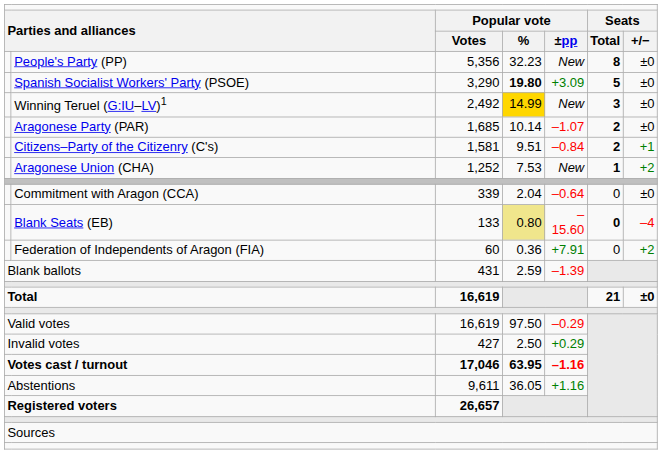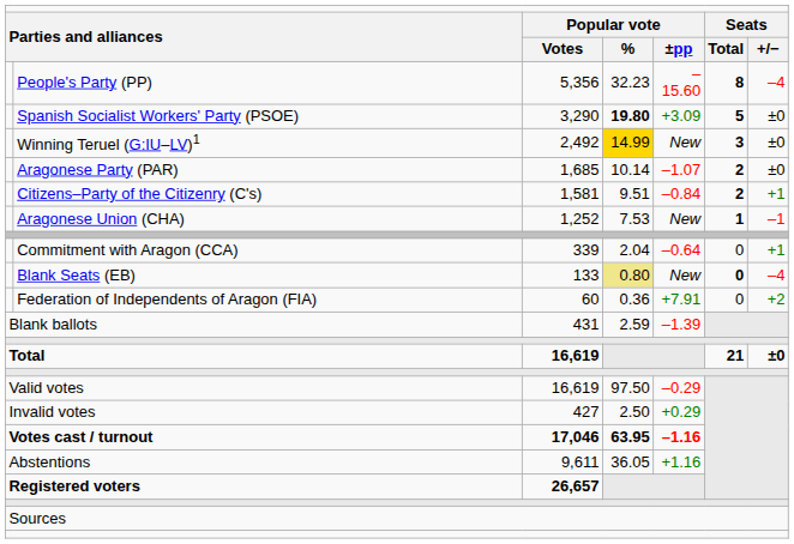 <table class="wikitable" style="text-align:right;">
 <tr>
 <td colspan="7"></td>
 </tr>
 <tr>
 <th style="text-align:left;" rowspan="2" colspan="2" width="525">Parties and alliances</th>
 <th colspan="3">Popular vote</th>
 <th colspan="2">Seats</th>
 </tr>
 <tr>
 <th width="75">Votes</th>
 <th width="45">%</th>
 <th width="45">±<a href='#'>pp</a></th>
 <th width="35">Total</th>
 <th width="35">+/−</th>
 </tr>
 <tr>
 <td width="1" style="color:inherit;background:"></td>
 <td align="left"><a href='#'>People's Party</a> (PP)</td>
 <td>5,356</td>
 <td>32.23</td>
-<td><em>New</em></td>
+<td style="color:red;">–15.60</td>
 <td><strong>8</strong></td>
-<td>±0</td>
+<td style="color:red;">–4</td>
 </tr>
 <tr>
 <td style="color:inherit;background:"></td>
 <td align="left"><a href='#'>Spanish Socialist Workers' Party</a> (PSOE)</td>
 <td>3,290</td>
 <td><strong>19.80</strong></td>
 <td style="color:green;">+3.09</td>
 <td><strong>5</strong></td>
 <td>±0</td>
 </tr>
 <tr>
 <td style="color:inherit;background:"></td>
 <td align="left">Winning Teruel (<a href='#'>G:IU</a>–<a href='#'>LV</a>)<sup>1</sup></td>
 <td>2,492</td>
 <td style="background: gold;">14.99</td>
 <td><em>New</em></td>
 <td><strong>3</strong></td>
 <td>±0</td>
 </tr>
 <tr>
 <td style="color:inherit;background:"></td>
 <td align="left"><a href='#'>Aragonese Party</a> (PAR)</td>
 <td>1,685</td>
 <td>10.14</td>
 <td style="color:red;">–1.07</td>
 <td><strong>2</strong></td>
 <td>±0</td>
 </tr>
 <tr>
 <td style="color:inherit;background:"></td>
 <td align="left"><a href='#'>Citizens–Party of the Citizenry</a> (C's)</td>
 <td>1,581</td>
 <td>9.51</td>
 <td style="color:red;">–0.84</td>
 <td><strong>2</strong></td>
 <td style="color:green;">+1</td>
 </tr>
 <tr>
 <td style="color:inherit;background:"></td>
 <td align="left"><a href='#'>Aragonese Union</a> (CHA)</td>
 <td>1,252</td>
 <td>7.53</td>
 <td><em>New</em></td>
 <td><strong>1</strong></td>
-<td style="color:green;">+2</td>
+<td style="color:red;">–1</td>
 </tr>
 <tr>
 <td colspan="7" bgcolor="#C0C0C0"></td>
 </tr>
 <tr>
 <td style="color:inherit;background:"></td>
 <td align="left">Commitment with Aragon (CCA)</td>
 <td>339</td>
 <td>2.04</td>
 <td style="color:red;">–0.64</td>
 <td>0</td>
-<td>±0</td>
+<td style="color:green;">+1</td>
 </tr>
 <tr>
 <td style="color:inherit;background:"></td>
 <td align="left"><a href='#'>Blank Seats</a> (EB)</td>
 <td>133</td>
 <td style="background: khaki;">0.80</td>
-<td style="color:red;">–15.60</td>
+<td><em>New</em></td>
 <td><strong>0</strong></td>
 <td style="color:red;">–4</td>
 </tr>
 <tr>
 <td style="color:inherit;background:"></td>
 <td align="left">Federation of Independents of Aragon (FIA)</td>
 <td>60</td>
 <td>0.36</td>
 <td style="color:green;">+7.91</td>
 <td>0</td>
 <td style="color:green;">+2</td>
 </tr>
 <tr>
 <td align="left" colspan="2">Blank ballots</td>
 <td>431</td>
 <td>2.59</td>
 <td style="color:red;">–1.39</td>
 <td bgcolor="#E9E9E9" colspan="2"></td>
 </tr>
 <tr>
 <td colspan="7" bgcolor="#E9E9E9"></td>
 </tr>
 <tr style="font-weight:bold;">
 <td align="left" colspan="2">Total</td>
 <td>16,619</td>
 <td bgcolor="#E9E9E9" colspan="2"></td>
 <td>21</td>
 <td>±0</td>
 </tr>
 <tr>
 <td colspan="7" bgcolor="#E9E9E9"></td>
 </tr>
 <tr>
 <td align="left" colspan="2">Valid votes</td>
 <td>16,619</td>
 <td>97.50</td>
 <td style="color:red;">–0.29</td>
 <td bgcolor="#E9E9E9" colspan="2" rowspan="5"></td>
 </tr>
 <tr>
 <td align="left" colspan="2">Invalid votes</td>
 <td>427</td>
 <td>2.50</td>
 <td style="color:green;">+0.29</td>
 </tr>
 <tr style="font-weight:bold;">
 <td align="left" colspan="2">Votes cast / turnout</td>
 <td>17,046</td>
 <td>63.95</td>
 <td style="color:red;">–1.16</td>
 </tr>
 <tr>
 <td align="left" colspan="2">Abstentions</td>
 <td>9,611</td>
 <td>36.05</td>
 <td style="color:green;">+1.16</td>
 </tr>
 <tr style="font-weight:bold;">
 <td align="left" colspan="2">Registered voters</td>
 <td>26,657</td>
 <td bgcolor="#E9E9E9" colspan="2"></td>
 </tr>
 <tr>
 <td colspan="7" bgcolor="#E9E9E9"></td>
 </tr>
 <tr>
 <td align="left" colspan="7">Sources</td>
 </tr>
 <tr>
 <td colspan="7" style="text-align:left; max-width:790px;"></td>
 </tr>
 </table>
